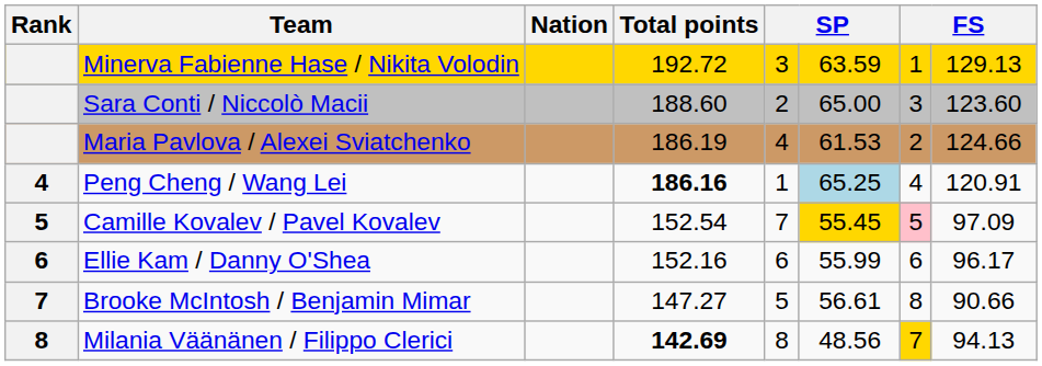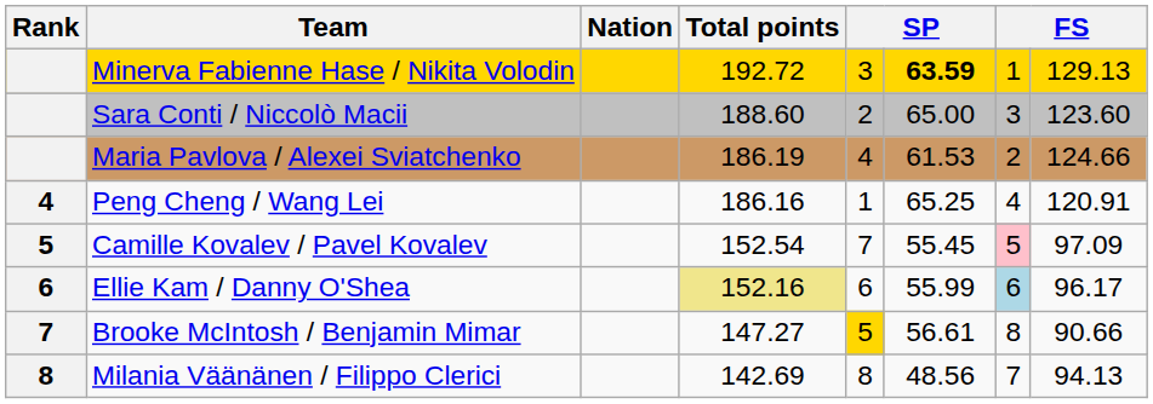 <table class="wikitable sortable" style="text-align:left">
 <tr>
 <th scope="col">Rank</th>
 <th scope="col">Team</th>
 <th scope="col">Nation</th>
 <th scope="col">Total points</th>
 <th scope="col" colspan="2" width="80px"><a href='#'>SP</a></th>
 <th scope="col" colspan="2" width="80px"><a href='#'>FS</a></th>
 </tr>
 <tr bgcolor="gold">
 <th scope="row"></th>
 <td><a href='#'>Minerva Fabienne Hase</a> / <a href='#'>Nikita Volodin</a></td>
 <td></td>
 <td align="center">192.72</td>
 <td align="center">3</td>
-<td align="center">63.59</td>
+<td align="center"><strong>63.59</strong></td>
 <td align="center">1</td>
 <td align="center">129.13</td>
 </tr>
 <tr bgcolor="silver">
 <th scope="row"></th>
 <td><a href='#'>Sara Conti</a> / <a href='#'>Niccolò Macii</a></td>
 <td></td>
 <td align="center">188.60</td>
 <td align="center">2</td>
 <td align="center">65.00</td>
 <td align="center">3</td>
 <td align="center">123.60</td>
 </tr>
 <tr bgcolor="cc9966">
 <th scope="row"></th>
 <td><a href='#'>Maria Pavlova</a> / <a href='#'>Alexei Sviatchenko</a></td>
 <td></td>
 <td align="center">186.19</td>
 <td align="center">4</td>
 <td align="center">61.53</td>
 <td align="center">2</td>
 <td align="center">124.66</td>
 </tr>
 <tr>
 <th scope="row">4</th>
 <td><a href='#'>Peng Cheng</a> / <a href='#'>Wang Lei</a></td>
 <td></td>
-<td align="center"><strong>186.16</strong></td>
+<td align="center">186.16</td>
 <td align="center">1</td>
-<td align="center" style="background: lightblue;">65.25</td>
+<td align="center">65.25</td>
 <td align="center">4</td>
 <td align="center">120.91</td>
 </tr>
 <tr>
 <th scope="row">5</th>
 <td><a href='#'>Camille Kovalev</a> / <a href='#'>Pavel Kovalev</a></td>
 <td></td>
 <td align="center">152.54</td>
 <td align="center">7</td>
-<td align="center" style="background: gold;">55.45</td>
+<td align="center">55.45</td>
 <td align="center" style="background: pink;">5</td>
 <td align="center">97.09</td>
 </tr>
 <tr>
 <th scope="row">6</th>
 <td><a href='#'>Ellie Kam</a> / <a href='#'>Danny O'Shea</a></td>
 <td></td>
-<td align="center">152.16</td>
+<td align="center" style="background: khaki;">152.16</td>
 <td align="center">6</td>
 <td align="center">55.99</td>
-<td align="center">6</td>
+<td align="center" style="background: lightblue;">6</td>
 <td align="center">96.17</td>
 </tr>
 <tr>
 <th scope="row">7</th>
 <td><a href='#'>Brooke McIntosh</a> / <a href='#'>Benjamin Mimar</a></td>
 <td></td>
 <td align="center">147.27</td>
-<td align="center">5</td>
+<td align="center" style="background: gold;">5</td>
 <td align="center">56.61</td>
 <td align="center">8</td>
 <td align="center">90.66</td>
 </tr>
 <tr>
 <th scope="row">8</th>
 <td><a href='#'>Milania Väänänen</a> / <a href='#'>Filippo Clerici</a></td>
 <td></td>
-<td align="center"><strong>142.69</strong></td>
+<td align="center">142.69</td>
 <td align="center">8</td>
 <td align="center">48.56</td>
-<td align="center" style="background: gold;">7</td>
+<td align="center">7</td>
 <td align="center">94.13</td>
 </tr>
 </table>
